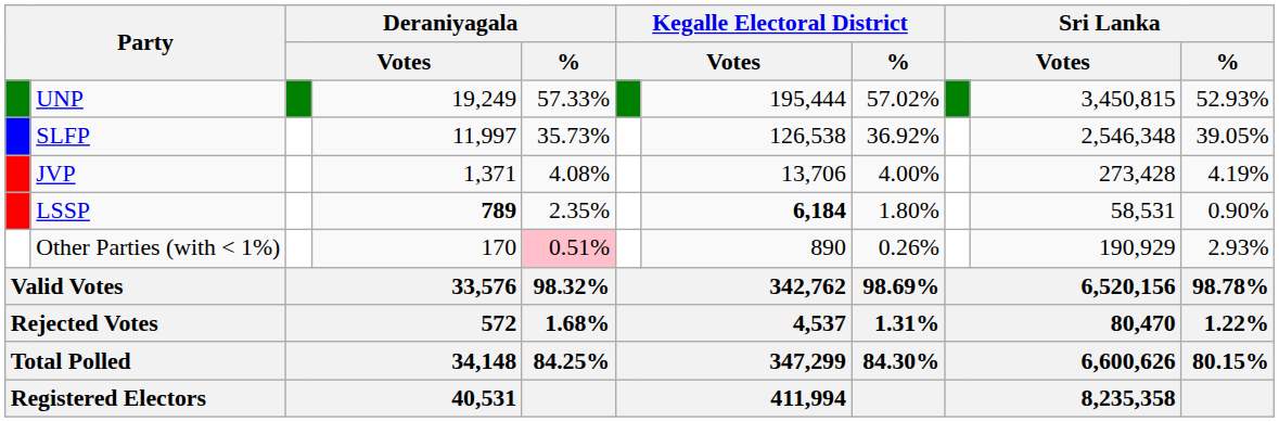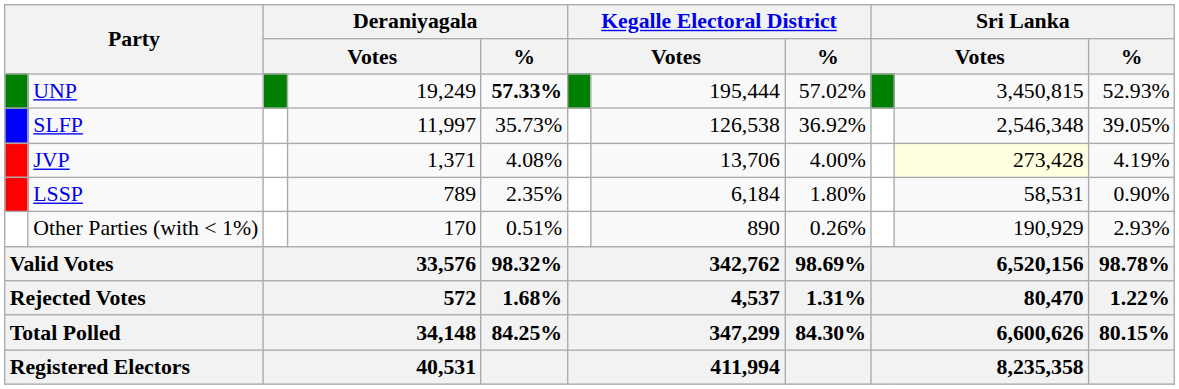 <table class="wikitable">
 <tr>
 <th colspan="2" width="144px"rowspan="2">Party</th>
 <th colspan="3" width="216px">Deraniyagala</th>
 <th colspan="3" width="216px"><a href='#'>Kegalle Electoral District</a></th>
 <th colspan="3" width="216px">Sri Lanka</th>
 </tr>
 <tr>
 <th colspan="2" width="144px">Votes</th>
 <th>%</th>
 <th colspan="2" width="144px">Votes</th>
 <th>%</th>
 <th colspan="2" width="144px">Votes</th>
 <th>%</th>
 </tr>
 <tr>
 <td style="background-color:green;" width="10px"></td>
 <td style="text-align:left;"><a href='#'>UNP</a></td>
 <td style="background-color:green;" width="10px"></td>
 <td style="text-align:right;">19,249</td>
-<td style="text-align:right;">57.33%</td>
+<td style="text-align:right;"><strong>57.33%</strong></td>
 <td style="background-color:green;" width="10px"></td>
 <td style="text-align:right;">195,444</td>
 <td style="text-align:right;">57.02%</td>
 <td style="background-color:green;" width="10px"></td>
 <td style="text-align:right;">3,450,815</td>
 <td style="text-align:right;">52.93%</td>
 </tr>
 <tr>
 <td style="background-color:blue;" width="10px"></td>
 <td style="text-align:left;"><a href='#'>SLFP</a></td>
 <td style="background-color:white;" width="10px"></td>
 <td style="text-align:right;">11,997</td>
 <td style="text-align:right;">35.73%</td>
 <td style="background-color:white;" width="10px"></td>
 <td style="text-align:right;">126,538</td>
 <td style="text-align:right;">36.92%</td>
 <td style="background-color:white;" width="10px"></td>
 <td style="text-align:right;">2,546,348</td>
 <td style="text-align:right;">39.05%</td>
 </tr>
 <tr>
 <td style="background-color:red;" width="10px"></td>
 <td style="text-align:left;"><a href='#'>JVP</a></td>
 <td style="background-color:white;" width="10px"></td>
 <td style="text-align:right;">1,371</td>
 <td style="text-align:right;">4.08%</td>
 <td style="background-color:white;" width="10px"></td>
 <td style="text-align:right;">13,706</td>
 <td style="text-align:right;">4.00%</td>
 <td style="background-color:white;" width="10px"></td>
-<td style="text-align:right;">273,428</td>
+<td style="background: lightyellow; text-align:right;">273,428</td>
 <td style="text-align:right;">4.19%</td>
 </tr>
 <tr>
 <td style="background-color:red;" width="10px"></td>
 <td style="text-align:left;"><a href='#'>LSSP</a></td>
 <td style="background-color:white;" width="10px"></td>
-<td style="text-align:right;"><strong>789</strong></td>
+<td style="text-align:right;">789</td>
 <td style="text-align:right;">2.35%</td>
 <td style="background-color:white;" width="10px"></td>
-<td style="text-align:right;"><strong>6,184</strong></td>
+<td style="text-align:right;">6,184</td>
 <td style="text-align:right;">1.80%</td>
 <td style="background-color:white;" width="10px"></td>
 <td style="text-align:right;">58,531</td>
 <td style="text-align:right;">0.90%</td>
 </tr>
 <tr>
 <td style="background-color:white;" width="10px"></td>
 <td style="text-align:left;">Other Parties (with < 1%)</td>
 <td style="background-color:white;" width="10px"></td>
 <td style="text-align:right;">170</td>
-<td style="background: pink; text-align:right;">0.51%</td>
+<td style="text-align:right;">0.51%</td>
 <td style="background-color:white;" width="10px"></td>
 <td style="text-align:right;">890</td>
 <td style="text-align:right;">0.26%</td>
 <td style="background-color:white;" width="10px"></td>
 <td style="text-align:right;">190,929</td>
 <td style="text-align:right;">2.93%</td>
 </tr>
 <tr>
 <th colspan="2" width="144px"style="text-align:left;">Valid Votes</th>
 <th style="text-align:right;"colspan="2" width="144px">33,576</th>
 <th style="text-align:right;">98.32%</th>
 <th style="text-align:right;"colspan="2" width="144px">342,762</th>
 <th style="text-align:right;">98.69%</th>
 <th style="text-align:right;"colspan="2" width="144px">6,520,156</th>
 <th style="text-align:right;">98.78%</th>
 </tr>
 <tr>
 <th colspan="2" width="144px"style="text-align:left;">Rejected Votes</th>
 <th style="text-align:right;"colspan="2" width="144px">572</th>
 <th style="text-align:right;">1.68%</th>
 <th style="text-align:right;"colspan="2" width="144px">4,537</th>
 <th style="text-align:right;">1.31%</th>
 <th style="text-align:right;"colspan="2" width="144px">80,470</th>
 <th style="text-align:right;">1.22%</th>
 </tr>
 <tr>
 <th colspan="2" width="144px"style="text-align:left;">Total Polled</th>
 <th style="text-align:right;"colspan="2" width="144px">34,148</th>
 <th style="text-align:right;">84.25%</th>
 <th style="text-align:right;"colspan="2" width="144px">347,299</th>
 <th style="text-align:right;">84.30%</th>
 <th style="text-align:right;"colspan="2" width="144px">6,600,626</th>
 <th style="text-align:right;">80.15%</th>
 </tr>
 <tr>
 <th colspan="2" width="144px"style="text-align:left;">Registered Electors</th>
 <th style="text-align:right;"colspan="2" width="144px">40,531</th>
 <th></th>
 <th style="text-align:right;"colspan="2" width="144px">411,994</th>
 <th></th>
 <th style="text-align:right;"colspan="2" width="144px">8,235,358</th>
 <th></th>
 </tr>
 </table>
